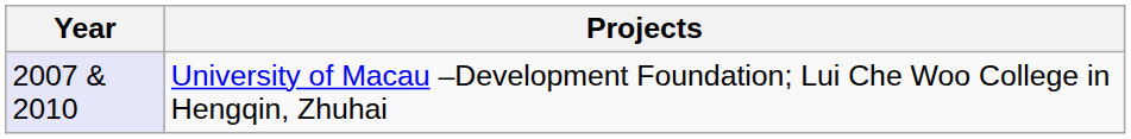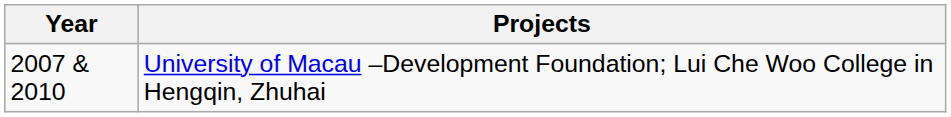 <table class="wikitable">
 <tr>
 <th>Year</th>
 <th>Projects</th>
 </tr>
 <tr>
-<td style="background: lavender;">2007 & 2010</td>
+<td>2007 & 2010</td>
 <td><a href='#'>University of Macau</a> –Development Foundation; Lui Che Woo College in Hengqin, Zhuhai</td>
 </tr>
 </table>
